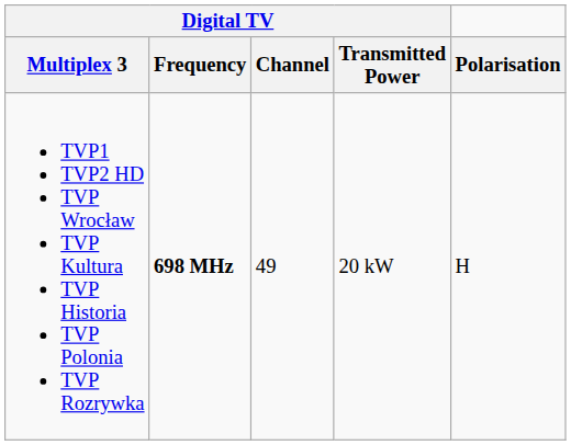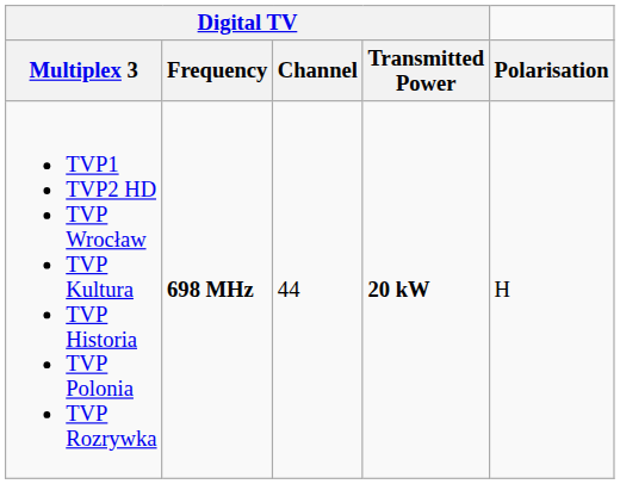 <table class="wikitable" style="width: 350px;">
 <tr>
 <th colspan="4" align="center"><a href='#'>Digital TV</a></th>
 </tr>
 <tr>
 <th Multiplex(TV)><a href='#'>Multiplex</a> 3</th>
 <th>Frequency</th>
 <th>Channel</th>
 <th>Transmitted Power</th>
 <th>Polarisation</th>
 </tr>
 <tr>
 <td><br><ul><li><a href='#'>TVP1</a></li><li><a href='#'>TVP2 HD</a></li><li><a href='#'>TVP Wrocław</a></li><li><a href='#'>TVP Kultura</a></li><li><a href='#'>TVP Historia</a></li><li><a href='#'>TVP Polonia</a></li><li><a href='#'>TVP Rozrywka</a></li></ul></td>
 <td><strong>698 MHz</strong></td>
-<td>49</td>
-<td>20 kW</td>
+<td>44</td>
+<td><strong>20 kW</strong></td>
 <td>H</td>
 </tr>
 </table>
